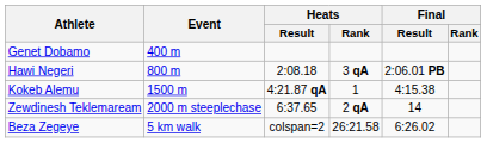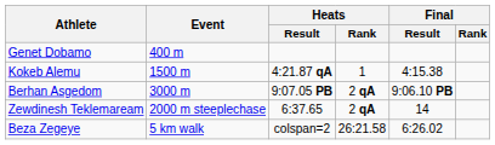 <table class="wikitable" style="font-size:90%">
 <tr>
 <th rowspan=2>Athlete</th>
 <th rowspan=2>Event</th>
 <th colspan=2>Heats</th>
 <th colspan=2>Final</th>
 </tr>
 <tr style="font-size:95%">
 <th>Result</th>
 <th>Rank</th>
 <th>Result</th>
 <th>Rank</th>
 </tr>
 <tr align=center>
 <td align=left><a href='#'>Genet Dobamo</a></td>
 <td align=left><a href='#'>400 m</a></td>
 <td></td>
 <td></td>
 <td></td>
 <td></td>
 </tr>
 <tr align=center>
-<td align=left><a href='#'>Hawi Negeri</a></td>
-<td align=left><a href='#'>800 m</a></td>
-<td>2:08.18</td>
-<td>3 <strong>qA</strong></td>
-<td>2:06.01 <strong>PB</strong></td>
-<td></td>
-</tr>
-<tr align=center>
 <td align=left><a href='#'>Kokeb Alemu</a></td>
 <td align=left><a href='#'>1500 m</a></td>
 <td>4:21.87 <strong>qA</strong></td>
 <td>1</td>
 <td>4:15.38</td>
+<td></td>
+</tr>
+<tr align=center>
+<td align=left><a href='#'>Berhan Asgedom</a></td>
+<td align=left><a href='#'>3000 m</a></td>
+<td>9:07.05 <strong>PB</strong></td>
+<td>2 <strong>qA</strong></td>
+<td>9:06.10 <strong>PB</strong></td>
 <td></td>
 </tr>
 <tr align=center>
 <td align=left><a href='#'>Zewdinesh Teklemaream</a></td>
 <td align=left><a href='#'>2000 m steeplechase</a></td>
 <td>6:37.65</td>
 <td>2 <strong>qA</strong></td>
 <td>14</td>
 <td></td>
 </tr>
 <tr align=center>
 <td align=left><a href='#'>Beza Zegeye</a></td>
 <td align=left><a href='#'>5 km walk</a></td>
 <td>colspan=2 </td>
 <td>26:21.58</td>
 <td>6:26.02</td>
 </tr>
 </table>
